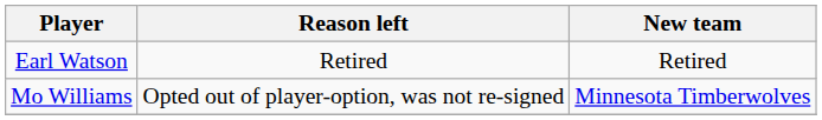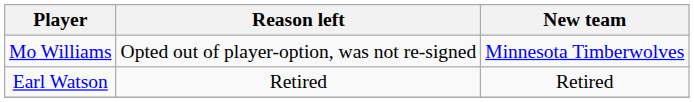 <table class="wikitable sortable sortable" style="text-align: center">
 <tr>
 <th>Player</th>
 <th>Reason left</th>
 <th>New team</th>
 </tr>
 <tr style="text-align: center">
+<td><a href='#'>Mo Williams</a></td>
+<td>Opted out of player-option, was not re-signed</td>
+<td><a href='#'>Minnesota Timberwolves</a></td>
+</tr>
+<tr style="text-align: center">
 <td><a href='#'>Earl Watson</a></td>
 <td>Retired</td>
 <td>Retired</td>
 </tr>
-<tr style="text-align: center">
-<td><a href='#'>Mo Williams</a></td>
-<td>Opted out of player-option, was not re-signed</td>
-<td><a href='#'>Minnesota Timberwolves</a></td>
-</tr>
 <tr>
 </tr>
 </table>
